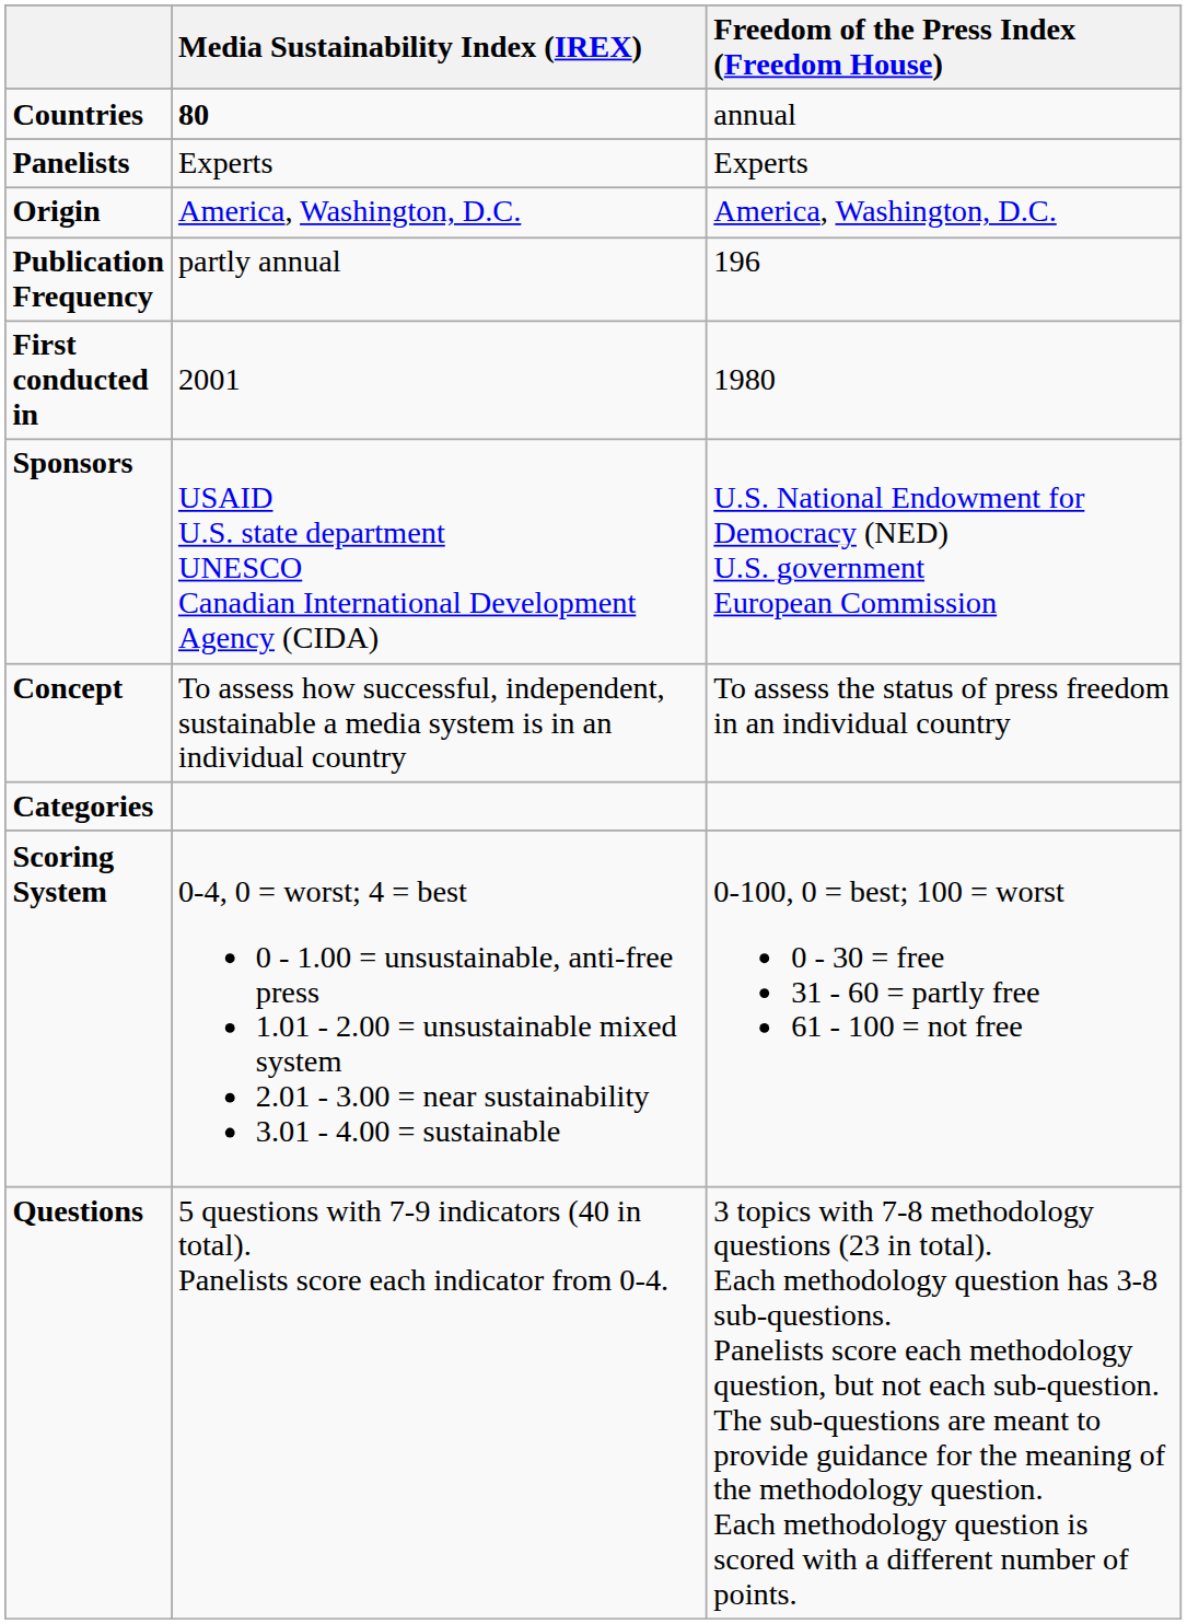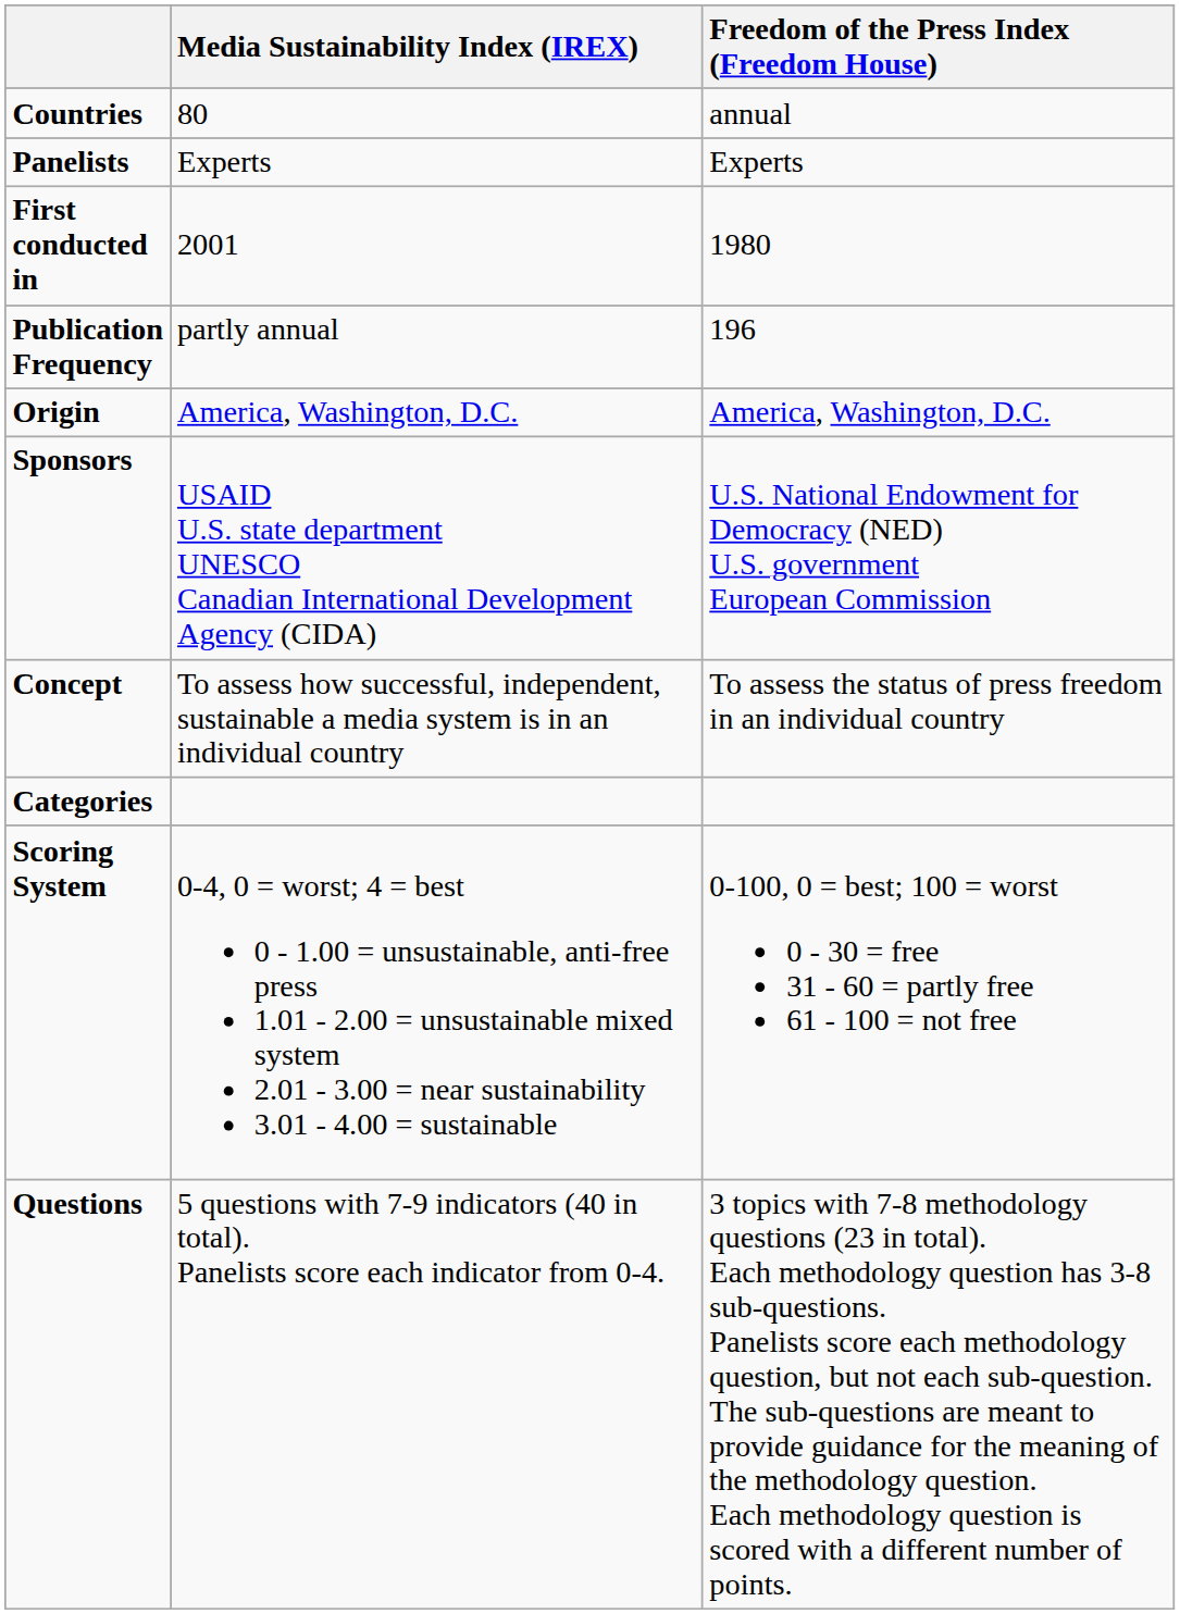 <table class="wikitable">
 <tr>
 <th></th>
 <th style="text-align:left"><strong>Media Sustainability Index (<a href='#'>IREX</a>)</strong></th>
 <th style="text-align:left"><strong>Freedom of the Press Index (<a href='#'>Freedom House</a>)</strong></th>
 </tr>
 <tr>
 <td><strong>Countries</strong></td>
-<td><strong>80</strong></td>
+<td>80</td>
 <td>annual</td>
 </tr>
 <tr>
 <td><strong>Panelists</strong></td>
 <td>Experts</td>
 <td>Experts</td>
 </tr>
-<tr style="vertical-align:top">
-<td><strong>Origin</strong></td>
-<td><a href='#'>America</a>, <a href='#'>Washington, D.C.</a></td>
-<td><a href='#'>America</a>, <a href='#'>Washington, D.C.</a></td>
+<tr>
+<td><strong>First conducted in</strong></td>
+<td>2001</td>
+<td>1980</td>
 </tr>
 <tr style="vertical-align:top">
 <td><strong>Publication Frequency</strong></td>
 <td>partly annual</td>
 <td>196</td>
 </tr>
-<tr>
-<td><strong>First conducted in</strong></td>
-<td>2001</td>
-<td>1980</td>
+<tr style="vertical-align:top">
+<td><strong>Origin</strong></td>
+<td><a href='#'>America</a>, <a href='#'>Washington, D.C.</a></td>
+<td><a href='#'>America</a>, <a href='#'>Washington, D.C.</a></td>
 </tr>
 <tr style="vertical-align:top">
 <td><strong>Sponsors</strong></td>
 <td><br><a href='#'>USAID</a>  <br> <a href='#'>U.S. state department</a> <br> <a href='#'>UNESCO</a> <br> <a href='#'>Canadian International Development Agency</a> (CIDA) </td>
 <td><br><a href='#'>U.S. National Endowment for Democracy</a> (NED)  <br> <a href='#'>U.S. government</a> <br> <a href='#'>European Commission</a></td>
 </tr>
 <tr style="vertical-align:top">
 <td><strong>Concept</strong></td>
 <td>To assess how successful, independent, sustainable a media system is in an individual country </td>
 <td>To assess the status of press freedom in an individual country </td>
 </tr>
 <tr style="vertical-align:top">
 <td><strong>Categories</strong></td>
 <td></td>
 <td></td>
 </tr>
 <tr style="vertical-align:top">
 <td><strong>Scoring System</strong></td>
 <td><br>0-4, 0 = worst; 4 = best<ul><li>0 - 1.00 = unsustainable, anti-free press</li><li>1.01 - 2.00 = unsustainable mixed system</li><li>2.01 - 3.00 = near sustainability</li><li>3.01 - 4.00 = sustainable </li></ul></td>
 <td><br>0-100, 0 = best; 100 = worst<ul><li>0 - 30 = free</li><li>31 - 60 = partly free</li><li>61 - 100 = not free </li></ul></td>
 </tr>
 <tr style="vertical-align:top">
 <td><strong>Questions</strong></td>
 <td style="width: 35em">5 questions with 7-9 indicators (40 in total). <br> Panelists score each indicator from 0-4.</td>
 <td style="width: 35em">3 topics with 7-8 methodology questions (23 in total). <br> Each methodology question has 3-8 sub-questions. <br> Panelists score each methodology question, but not each sub-question. <br> The sub-questions are meant to provide guidance for the meaning of the methodology question. <br> Each methodology question is scored with a different number of points.</td>
 </tr>
 </table>
